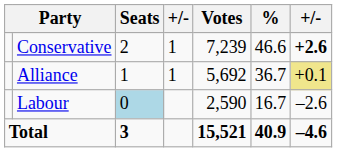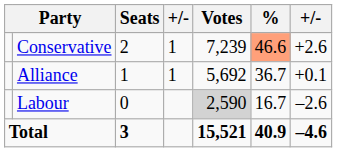 <table class="wikitable sortable">
 <tr>
 <th colspan="2">Party</th>
 <th>Seats</th>
 <th>+/-</th>
 <th>Votes</th>
 <th>%</th>
 <th>+/-</th>
 </tr>
 <tr>
 <td style="background-color: "></td>
 <td><a href='#'>Conservative</a></td>
 <td>2</td>
 <td> 1</td>
 <td style="text-align:right;">7,239</td>
-<td style="text-align:right;">46.6</td>
-<td style="text-align:right;"><strong>+2.6</strong></td>
+<td style="background: lightsalmon; text-align:right;">46.6</td>
+<td style="text-align:right;">+2.6</td>
 </tr>
 <tr>
 <td style="background-color: "></td>
 <td><a href='#'>Alliance</a></td>
 <td>1</td>
 <td> 1</td>
 <td style="text-align:right;">5,692</td>
 <td style="text-align:right;">36.7</td>
-<td style="background: khaki; text-align:right;">+0.1</td>
+<td style="text-align:right;">+0.1</td>
 </tr>
 <tr>
 <td style="background-color: "></td>
 <td><a href='#'>Labour</a></td>
-<td style="background: lightblue;">0</td>
+<td>0</td>
 <td></td>
-<td style="text-align:right;">2,590</td>
+<td style="background: lightgrey; text-align:right;">2,590</td>
 <td style="text-align:right;">16.7</td>
 <td style="text-align:right;">–2.6</td>
 </tr>
 <tr>
 <td colspan="2"><strong>Total</strong></td>
 <td><strong>3</strong></td>
 <td></td>
 <td style="text-align:right;"><strong>15,521</strong></td>
 <td style="text-align:right;"><strong>40.9</strong></td>
 <td style="text-align:right;"><strong>–4.6</strong></td>
 </tr>
 </table>
